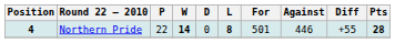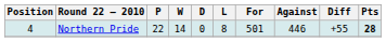 <table class="wikitable" style="text-align:center; font-size:85%;">
 <tr>
 <th width=40 abbr="Position">Position</th>
 <th width=100>Round 22 – 2010</th>
 <th width=20 abbr="Played">P</th>
 <th width=20 abbr="Won">W</th>
 <th width=20 abbr="Drawn">D</th>
 <th width=20 abbr="Lost">L</th>
 <th width=40 abbr="Points for">For</th>
 <th width=40 abbr="Points against">Against</th>
 <th width=40 abbr="Points difference">Diff</th>
 <th width=20 abbr="Points">Pts</th>
 </tr>
 <tr style="background: #d7ebed;">
-<td><strong>4</strong></td>
+<td>4</td>
 <td style="text-align:left;"> <a href='#'>Northern Pride</a></td>
 <td>22</td>
-<td><strong>14</strong></td>
+<td>14</td>
 <td>0</td>
-<td><strong>8</strong></td>
+<td>8</td>
 <td>501</td>
 <td>446</td>
 <td>+55</td>
 <td><strong>28</strong></td>
 </tr>
 <tr>
 </tr>
 </table>
